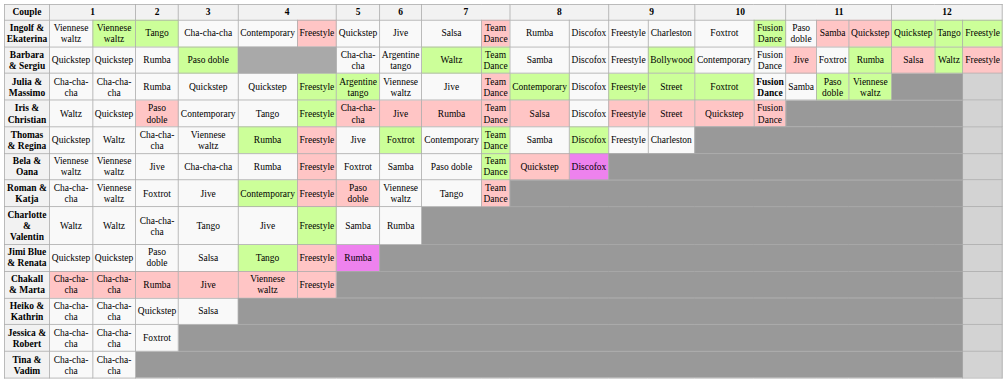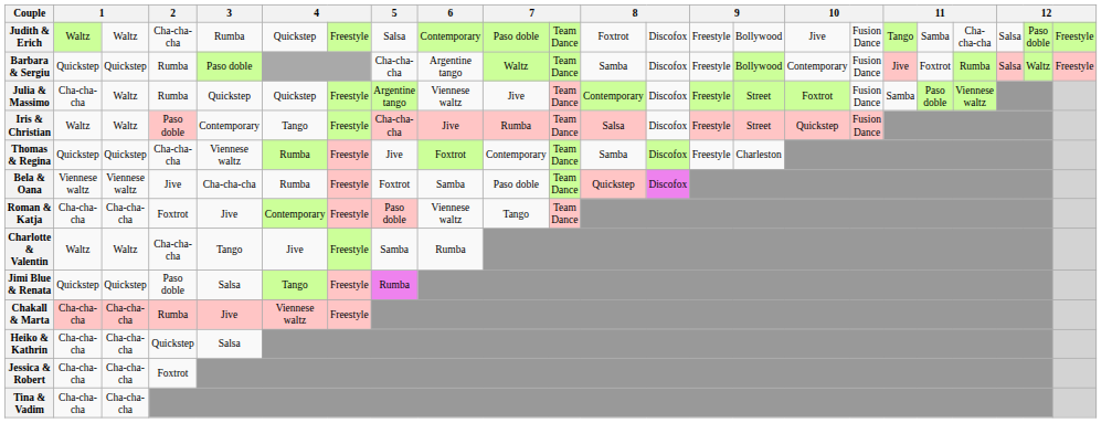 <table class="wikitable center" style="text-align:center; font-size:75%; line-height:14px;">
 <tr>
 <th style="width: 10em">Couple</th>
 <th colspan=2>1</th>
 <th>2</th>
 <th>3</th>
 <th colspan=2>4</th>
 <th>5</th>
 <th>6</th>
 <th colspan=2>7</th>
 <th colspan=2>8</th>
 <th colspan=2>9</th>
 <th colspan=2>10</th>
 <th colspan=3>11</th>
 <th colspan=3>12</th>
 </tr>
 <tr>
-<th scope="row">Ingolf & Ekaterina</th>
-<td>Viennese waltz</td>
-<td bgcolor="#ccff99">Viennese waltz</td>
-<td bgcolor="#ccff99">Tango</td>
+<th scope="row">Judith & Erich</th>
+<td bgcolor="#ccff99">Waltz</td>
+<td>Waltz</td>
 <td>Cha-cha-cha</td>
-<td>Contemporary</td>
-<td bgcolor="#ffc5c5">Freestyle</td>
+<td>Rumba</td>
 <td>Quickstep</td>
-<td>Jive</td>
+<td bgcolor="#ccff99">Freestyle</td>
 <td>Salsa</td>
-<td bgcolor="#ffc5c5">Team Dance</td>
-<td>Rumba</td>
+<td bgcolor="#ccff99">Contemporary</td>
+<td bgcolor="#ccff99">Paso doble</td>
+<td bgcolor="#ccff99">Team Dance</td>
+<td>Foxtrot</td>
 <td>Discofox</td>
 <td>Freestyle</td>
-<td>Charleston</td>
-<td>Foxtrot</td>
-<td bgcolor="#ccff99">Fusion Dance</td>
-<td>Paso doble</td>
-<td bgcolor="#ffc5c5">Samba</td>
-<td bgcolor="#ffc5c5">Quickstep</td>
-<td bgcolor="#ccff99">Quickstep</td>
+<td>Bollywood</td>
+<td>Jive</td>
+<td>Fusion Dance</td>
 <td bgcolor="#ccff99">Tango</td>
+<td>Samba</td>
+<td>Cha-cha-cha</td>
+<td>Salsa</td>
+<td bgcolor="#ccff99">Paso doble</td>
 <td bgcolor="#ccff99">Freestyle</td>
 </tr>
 <tr>
 <th scope="row">Barbara & Sergiu</th>
 <td>Quickstep</td>
 <td>Quickstep</td>
 <td>Rumba</td>
 <td bgcolor="#ccff99">Paso doble</td>
 <td bgcolor="darkgrey" colspan=2></td>
 <td>Cha-cha-cha</td>
 <td>Argentine tango</td>
 <td bgcolor="#ccff99">Waltz</td>
 <td bgcolor="#ccff99">Team Dance</td>
 <td>Samba</td>
 <td>Discofox</td>
 <td>Freestyle</td>
 <td bgcolor="#ccff99">Bollywood</td>
 <td>Contemporary</td>
 <td>Fusion Dance</td>
 <td bgcolor="#ffc5c5">Jive</td>
 <td>Foxtrot</td>
 <td bgcolor="#ccff99">Rumba</td>
 <td bgcolor="#ffc5c5">Salsa</td>
 <td bgcolor="#ccff99">Waltz</td>
 <td bgcolor="#ffc5c5">Freestyle</td>
 </tr>
 <tr>
 <th scope="row">Julia & Massimo</th>
 <td>Cha-cha-cha</td>
-<td>Cha-cha-cha</td>
+<td>Waltz</td>
 <td>Rumba</td>
 <td>Quickstep</td>
 <td>Quickstep</td>
 <td bgcolor="#ccff99">Freestyle</td>
 <td bgcolor="#ccff99">Argentine tango</td>
 <td>Viennese waltz</td>
 <td>Jive</td>
 <td bgcolor="#ffc5c5">Team Dance</td>
 <td bgcolor="#ccff99">Contemporary</td>
 <td>Discofox</td>
 <td bgcolor="#ccff99">Freestyle</td>
 <td bgcolor="#ccff99">Street</td>
 <td bgcolor="#ccff99">Foxtrot</td>
-<td><strong>Fusion Dance</strong></td>
+<td>Fusion Dance</td>
 <td>Samba</td>
 <td bgcolor="#ccff99">Paso doble</td>
 <td bgcolor="#ccff99">Viennese waltz</td>
 <td bgcolor="#999999" colspan=2></td>
 <td bgcolor="lightgrey"></td>
 </tr>
 <tr>
 <th scope="row">Iris & Christian</th>
 <td>Waltz</td>
-<td>Quickstep</td>
+<td>Waltz</td>
 <td bgcolor="#ffc5c5">Paso doble</td>
 <td>Contemporary</td>
 <td>Tango</td>
 <td bgcolor="#ccff99">Freestyle</td>
 <td bgcolor="#ffc5c5">Cha-cha-cha</td>
 <td bgcolor="#ffc5c5">Jive</td>
 <td bgcolor="#ffc5c5">Rumba</td>
 <td bgcolor="#ffc5c5">Team Dance</td>
 <td bgcolor="#ffc5c5">Salsa</td>
 <td>Discofox</td>
 <td bgcolor="#ffc5c5">Freestyle</td>
 <td bgcolor="#ffc5c5">Street</td>
 <td bgcolor="#ffc5c5">Quickstep</td>
 <td bgcolor="#ffc5c5">Fusion Dance</td>
 <td bgcolor="#999999" colspan=5></td>
 <td bgcolor="lightgrey"></td>
 </tr>
 <tr>
 <th scope="row">Thomas & Regina</th>
 <td>Quickstep</td>
-<td>Waltz</td>
+<td>Quickstep</td>
 <td>Cha-cha-cha</td>
 <td>Viennese waltz</td>
 <td bgcolor="#ccff99">Rumba</td>
 <td bgcolor="#ffc5c5">Freestyle</td>
 <td>Jive</td>
 <td bgcolor="#ccff99">Foxtrot</td>
 <td>Contemporary</td>
 <td bgcolor="#ccff99">Team Dance</td>
 <td>Samba</td>
 <td bgcolor="#ccff99">Discofox</td>
 <td>Freestyle</td>
 <td>Charleston</td>
 <td bgcolor="#999999" colspan=7></td>
 <td bgcolor="lightgrey"></td>
 </tr>
 <tr>
 <th scope="row">Bela & Oana</th>
 <td>Viennese waltz</td>
 <td>Viennese waltz</td>
 <td>Jive</td>
 <td>Cha-cha-cha</td>
 <td>Rumba</td>
 <td bgcolor="#ffc5c5">Freestyle</td>
 <td>Foxtrot</td>
 <td>Samba</td>
 <td>Paso doble</td>
 <td bgcolor="#ccff99">Team Dance</td>
 <td bgcolor="#ffc5c5">Quickstep</td>
 <td bgcolor="violet">Discofox</td>
 <td bgcolor="#999999" colspan=9></td>
 <td bgcolor="lightgrey"></td>
 </tr>
 <tr>
 <th scope="row">Roman & Katja</th>
 <td>Cha-cha-cha</td>
-<td>Viennese waltz</td>
+<td>Cha-cha-cha</td>
 <td>Foxtrot</td>
 <td>Jive</td>
 <td bgcolor="#ccff99">Contemporary</td>
 <td bgcolor="#ffc5c5">Freestyle</td>
 <td bgcolor="#ffc5c5">Paso doble</td>
 <td>Viennese waltz</td>
 <td>Tango</td>
 <td bgcolor="#ffc5c5">Team Dance</td>
 <td bgcolor="#999999" colspan=11></td>
 <td bgcolor="lightgrey"></td>
 </tr>
 <tr>
 <th scope="row">Charlotte & Valentin</th>
 <td>Waltz</td>
 <td>Waltz</td>
 <td>Cha-cha-cha</td>
 <td>Tango</td>
 <td>Jive</td>
 <td bgcolor="#ccff99">Freestyle</td>
 <td>Samba</td>
 <td>Rumba</td>
 <td bgcolor="#999999" colspan=13></td>
 <td bgcolor="lightgrey"></td>
 </tr>
 <tr>
 <th scope="row">Jimi Blue & Renata</th>
 <td>Quickstep</td>
 <td>Quickstep</td>
 <td>Paso doble</td>
 <td>Salsa</td>
 <td bgcolor="#ccff99">Tango</td>
 <td bgcolor="#ffc5c5">Freestyle</td>
 <td bgcolor="violet">Rumba</td>
 <td bgcolor="#999999" colspan=14></td>
 <td bgcolor="lightgrey"></td>
 </tr>
 <tr>
 <th scope="row">Chakall & Marta</th>
 <td bgcolor="#ffc5c5">Cha-cha-cha</td>
 <td bgcolor="#ffc5c5">Cha-cha-cha</td>
 <td bgcolor="#ffc5c5">Rumba</td>
 <td bgcolor="#ffc5c5">Jive</td>
 <td bgcolor="#ffc5c5">Viennese waltz</td>
 <td bgcolor="#ffc5c5">Freestyle</td>
 <td bgcolor="#999999" colspan=15></td>
 <td bgcolor="lightgrey"></td>
 </tr>
 <tr>
 <th scope="row">Heiko & Kathrin</th>
 <td>Cha-cha-cha</td>
 <td>Cha-cha-cha</td>
 <td>Quickstep</td>
 <td>Salsa</td>
 <td bgcolor="#999999" colspan=17></td>
 <td bgcolor="lightgrey"></td>
 </tr>
 <tr>
 <th scope="row">Jessica & Robert</th>
 <td>Cha-cha-cha</td>
 <td>Cha-cha-cha</td>
 <td>Foxtrot</td>
 <td bgcolor="#999999" colspan=18></td>
 <td bgcolor="lightgrey"></td>
 </tr>
 <tr>
 <th scope="row">Tina & Vadim</th>
 <td>Cha-cha-cha</td>
 <td>Cha-cha-cha</td>
 <td bgcolor="#999999" colspan=19></td>
 <td bgcolor="lightgrey"></td>
 </tr>
 </table>
